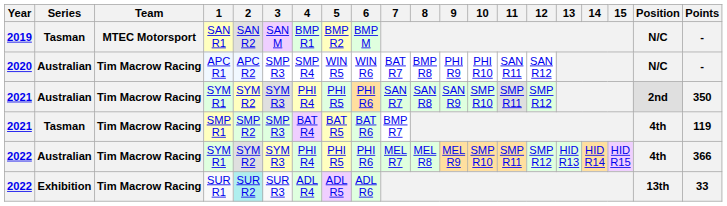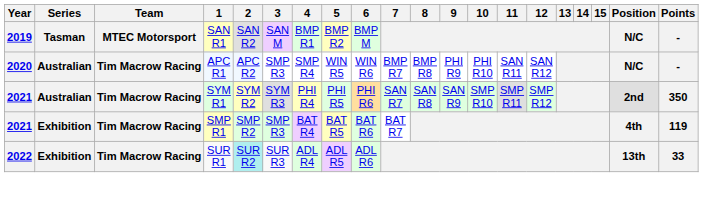 <table class="wikitable" style="text-align:center; font-size:85%">
 <tr>
 <th>Year</th>
 <th>Series</th>
 <th>Team</th>
 <th>1</th>
 <th>2</th>
 <th>3</th>
 <th>4</th>
 <th>5</th>
 <th>6</th>
 <th>7</th>
 <th>8</th>
 <th>9</th>
 <th>10</th>
 <th>11</th>
 <th>12</th>
 <th>13</th>
 <th>14</th>
 <th>15</th>
 <th>Position</th>
 <th>Points</th>
 </tr>
 <tr>
 <th><a href='#'>2019</a></th>
 <th>Tasman</th>
 <th>MTEC Motorsport</th>
 <td style="background:#ffffbf"><a href='#'>SAN<br>R1</a><br></td>
 <td style="background:#dfdfdf"><a href='#'>SAN<br>R2</a><br></td>
 <td style="background:#EFCFFF"><a href='#'>SAN<br>M</a><br></td>
 <td style="background:#dfffdf"><a href='#'>BMP<br>R1</a><br></td>
 <td style="background:#ffffbf"><a href='#'>BMP<br>R2</a><br></td>
 <td style="background:#dfffdf"><a href='#'>BMP<br>M</a><br></td>
 <th colspan=9></th>
 <th>N/C</th>
 <th>-</th>
 </tr>
 <tr>
 <th><a href='#'>2020</a></th>
 <th>Australian</th>
 <th>Tim Macrow Racing</th>
 <td style="background:#f1f8ff"><a href='#'>APC<br>R1</a><br></td>
 <td style="background:#f1f8ff"><a href='#'>APC<br>R2</a><br></td>
 <td style="background:#ffffff"><a href='#'>SMP<br>R3</a><br></td>
 <td style="background:#ffffff"><a href='#'>SMP<br>R4</a><br></td>
 <td style="background:#ffffff"><a href='#'>WIN<br>R5</a><br></td>
 <td style="background:#ffffff"><a href='#'>WIN<br>R6</a><br></td>
-<td style="background:#ffffff"><a href='#'>BAT<br>R7</a><br></td>
+<td style="background:#ffffff"><a href='#'>BMP<br>R7</a><br></td>
 <td style="background:#ffffff"><a href='#'>BMP<br>R8</a><br></td>
 <td style="background:#ffffff"><a href='#'>PHI<br>R9</a><br></td>
 <td style="background:#ffffff"><a href='#'>PHI<br>R10</a><br></td>
 <td style="background:#ffffff"><a href='#'>SAN<br>R11</a><br></td>
 <td style="background:#ffffff"><a href='#'>SAN<br>R12</a><br></td>
 <th colspan=3></th>
 <th>N/C</th>
 <th>-</th>
 </tr>
 <tr>
 <th><a href='#'>2021</a></th>
 <th>Australian</th>
 <th>Tim Macrow Racing</th>
 <td style="background:#dfffdf"><a href='#'>SYM<br>R1</a><br></td>
 <td style="background:#ffffbf"><a href='#'>SYM<br>R2</a><br></td>
 <td style="background:#dfdfdf"><a href='#'>SYM<br>R3</a><br></td>
 <td style="background:#ffffbf"><a href='#'>PHI<br>R4</a><br></td>
 <td style="background:#dfffdf"><a href='#'>PHI<br>R5</a><br></td>
 <td style="background:#ffdf9f"><a href='#'>PHI<br>R6</a><br></td>
 <td style="background:#dfffdf"><a href='#'>SAN<br>R7</a><br></td>
 <td style="background:#dfffdf"><a href='#'>SAN<br>R8</a><br></td>
 <td style="background:#dfffdf"><a href='#'>SAN<br>R9</a><br></td>
 <td style="background:#dfffdf"><a href='#'>SMP<br>R10</a><br></td>
 <td style="background:#dfdfdf"><a href='#'>SMP<br>R11</a><br></td>
 <td style="background:#dfffdf"><a href='#'>SMP<br>R12</a><br></td>
 <th colspan=3></th>
 <th style="background:#dfdfdf;">2nd</th>
 <th>350</th>
 </tr>
 <tr>
 <th><a href='#'>2021</a></th>
-<th>Tasman</th>
+<th>Exhibition</th>
 <th>Tim Macrow Racing</th>
 <td style="background:#ffffbf"><a href='#'>SMP<br>R1</a><br></td>
 <td style="background:#dfffdf"><a href='#'>SMP<br>R2</a><br></td>
 <td style="background:#dfffdf"><a href='#'>SMP<br>R3</a><br></td>
 <td style="background:#EFCFFF"><a href='#'>BAT<br>R4</a><br></td>
 <td style="background:#ffffbf"><a href='#'>BAT<br>R5</a><br></td>
 <td style="background:#dfffdf"><a href='#'>BAT<br>R6</a><br></td>
-<td style="background:#ffffff"><a href='#'>BMP<br>R7</a><br></td>
+<td style="background:#ffffff"><a href='#'>BAT<br>R7</a><br></td>
 <th colspan=8></th>
 <th>4th</th>
 <th>119</th>
-</tr>
-<tr>
-<th><a href='#'>2022</a></th>
-<th>Australian</th>
-<th>Tim Macrow Racing</th>
-<td style="background:#dfffdf"><a href='#'>SYM<br>R1</a><br></td>
-<td style="background:#dfdfdf"><a href='#'>SYM<br>R2</a><br></td>
-<td style="background:#ffffbf"><a href='#'>SYM<br>R3</a><br></td>
-<td style="background:#dfffdf"><a href='#'>PHI<br>R4</a><br></td>
-<td style="background:#ffffbf"><a href='#'>PHI<br>R5</a><br></td>
-<td style="background:#dfffdf"><a href='#'>PHI<br>R6</a><br></td>
-<td style="background:#dfffdf"><a href='#'>MEL<br>R7</a><br></td>
-<td style="background:#dfffdf"><a href='#'>MEL<br>R8</a><br></td>
-<td style="background:#ffdf9f"><a href='#'>MEL<br>R9</a><br></td>
-<td style="background:#ffdf9f"><a href='#'>SMP<br>R10</a><br></td>
-<td style="background:#ffdf9f"><a href='#'>SMP<br>R11</a><br></td>
-<td style="background:#dfffdf"><a href='#'>SMP<br>R12</a><br></td>
-<td style="background:#dfffdf"><a href='#'>HID<br>R13</a><br></td>
-<td style="background:#ffdf9f"><a href='#'>HID<br>R14</a><br></td>
-<td style="background:#EFCFFF"><a href='#'>HID<br>R15</a><br></td>
-<th>4th</th>
-<th>366</th>
 </tr>
 <tr>
 <th><a href='#'>2022</a></th>
 <th>Exhibition</th>
 <th>Tim Macrow Racing</th>
 <td><a href='#'>SUR<br>R1</a></td>
 <td style="background: paleturquoise;"><a href='#'>SUR<br>R2</a></td>
 <td><a href='#'>SUR<br>R3</a></td>
 <td style="background:#dfffdf"><a href='#'>ADL<br>R4</a><br></td>
 <td style="background:#efcfff"><a href='#'>ADL<br>R5</a><br></td>
 <td style="background:#dfffdf"><a href='#'>ADL<br>R6</a><br></td>
 <th colspan=9></th>
 <th>13th</th>
 <th>33</th>
 </tr>
 </table>
